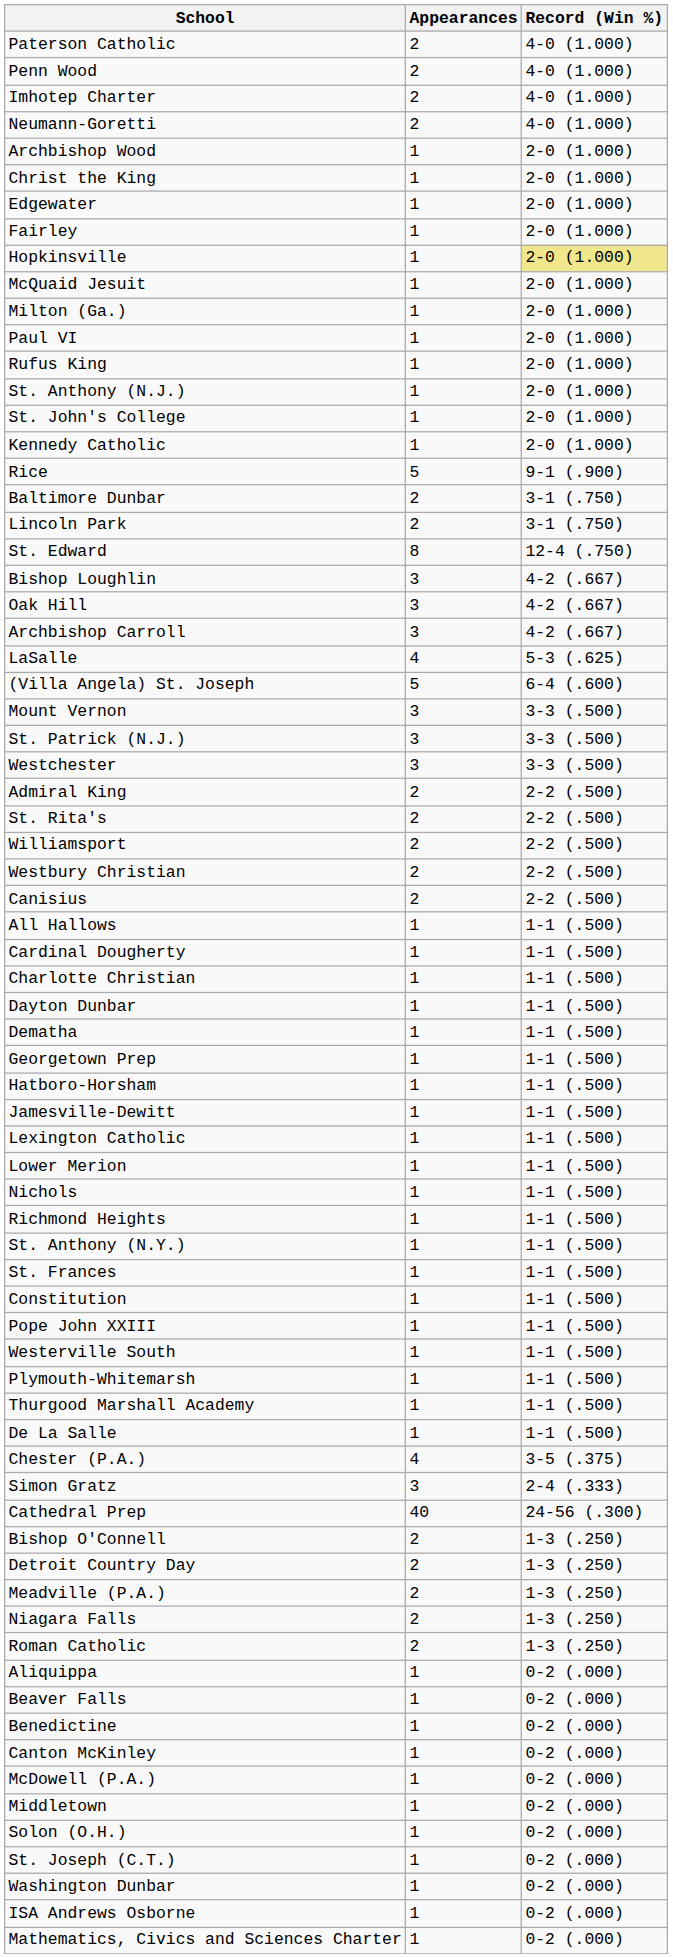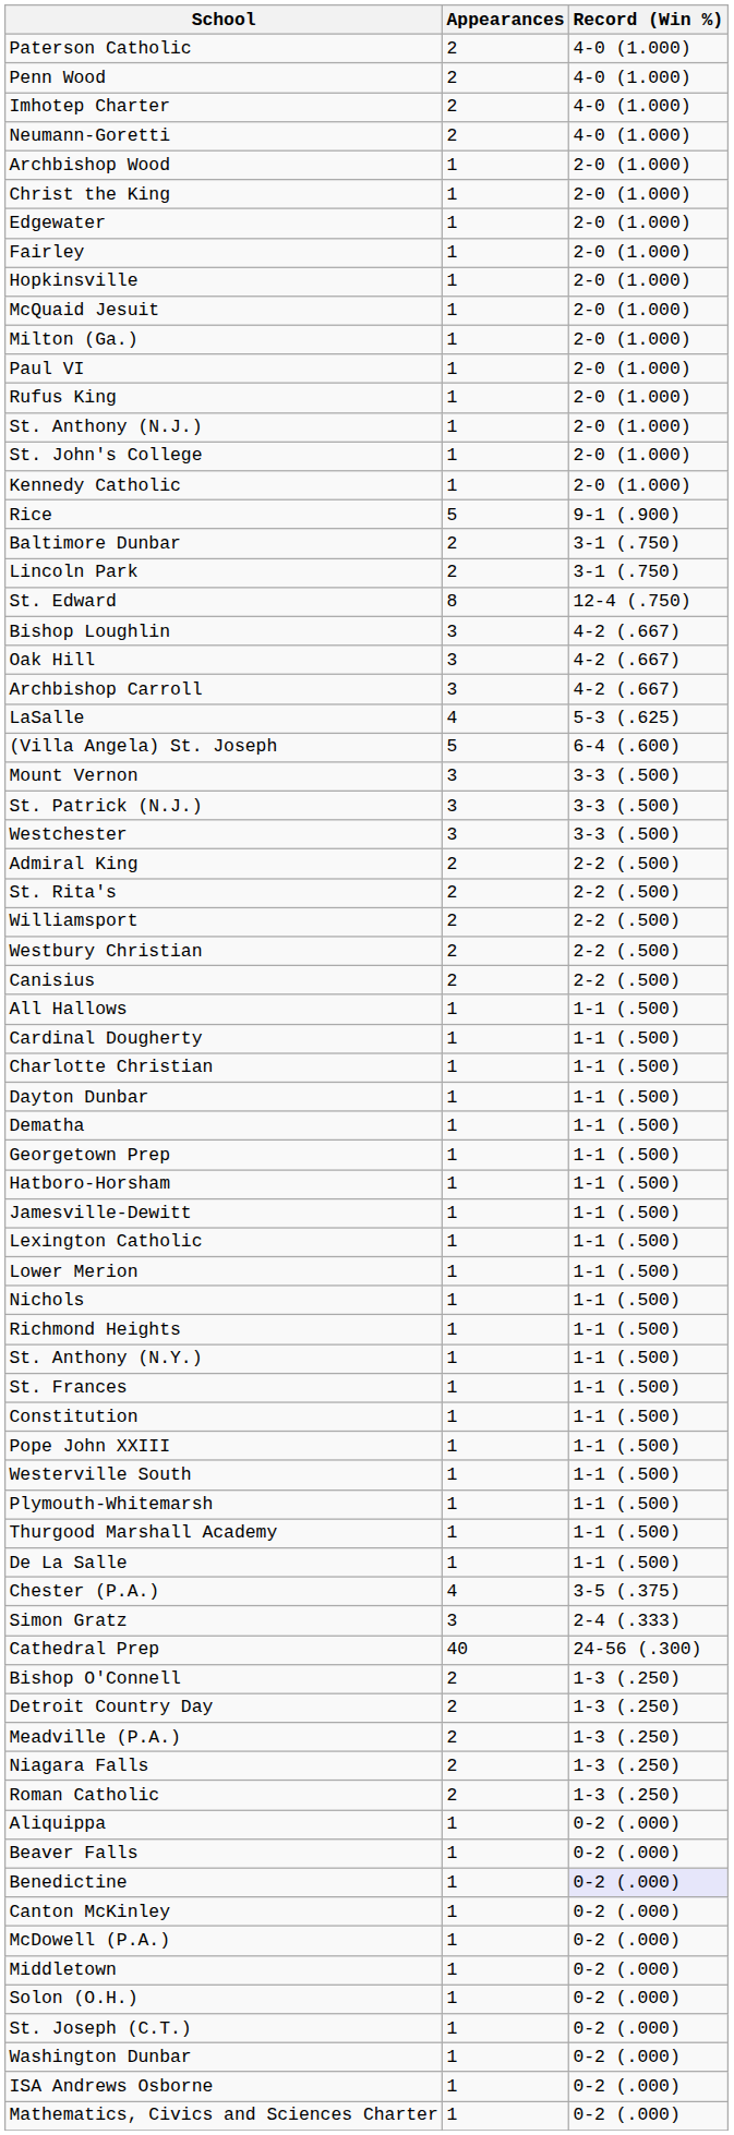 <table class="wikitable">
 <tr>
 <th>School</th>
 <th>Appearances</th>
 <th>Record (Win %)</th>
 </tr>
 <tr>
 <td>Paterson Catholic</td>
 <td>2</td>
 <td>4-0 (1.000)</td>
 </tr>
 <tr>
 <td>Penn Wood</td>
 <td>2</td>
 <td>4-0 (1.000)</td>
 </tr>
 <tr>
 <td>Imhotep Charter</td>
 <td>2</td>
 <td>4-0 (1.000)</td>
 </tr>
 <tr>
 <td>Neumann-Goretti</td>
 <td>2</td>
 <td>4-0 (1.000)</td>
 </tr>
 <tr>
 <td>Archbishop Wood</td>
 <td>1</td>
 <td>2-0 (1.000)</td>
 </tr>
 <tr>
 <td>Christ the King</td>
 <td>1</td>
 <td>2-0 (1.000)</td>
 </tr>
 <tr>
 <td>Edgewater</td>
 <td>1</td>
 <td>2-0 (1.000)</td>
 </tr>
 <tr>
 <td>Fairley</td>
 <td>1</td>
 <td>2-0 (1.000)</td>
 </tr>
 <tr>
 <td>Hopkinsville</td>
 <td>1</td>
-<td style="background: khaki;">2-0 (1.000)</td>
+<td>2-0 (1.000)</td>
 </tr>
 <tr>
 <td>McQuaid Jesuit</td>
 <td>1</td>
 <td>2-0 (1.000)</td>
 </tr>
 <tr>
 <td>Milton (Ga.)</td>
 <td>1</td>
 <td>2-0 (1.000)</td>
 </tr>
 <tr>
 <td>Paul VI</td>
 <td>1</td>
 <td>2-0 (1.000)</td>
 </tr>
 <tr>
 <td>Rufus King</td>
 <td>1</td>
 <td>2-0 (1.000)</td>
 </tr>
 <tr>
 <td>St. Anthony (N.J.)</td>
 <td>1</td>
 <td>2-0 (1.000)</td>
 </tr>
 <tr>
 <td>St. John's College</td>
 <td>1</td>
 <td>2-0 (1.000)</td>
 </tr>
 <tr>
 <td>Kennedy Catholic</td>
 <td>1</td>
 <td>2-0 (1.000)</td>
 </tr>
 <tr>
 <td>Rice</td>
 <td>5</td>
 <td>9-1 (.900)</td>
 </tr>
 <tr>
 <td>Baltimore Dunbar</td>
 <td>2</td>
 <td>3-1 (.750)</td>
 </tr>
 <tr>
 <td>Lincoln Park</td>
 <td>2</td>
 <td>3-1 (.750)</td>
 </tr>
 <tr>
 <td>St. Edward</td>
 <td>8</td>
 <td>12-4 (.750)</td>
 </tr>
 <tr>
 <td>Bishop Loughlin</td>
 <td>3</td>
 <td>4-2 (.667)</td>
 </tr>
 <tr>
 <td>Oak Hill</td>
 <td>3</td>
 <td>4-2 (.667)</td>
 </tr>
 <tr>
 <td>Archbishop Carroll</td>
 <td>3</td>
 <td>4-2 (.667)</td>
 </tr>
 <tr>
 <td>LaSalle</td>
 <td>4</td>
 <td>5-3 (.625)</td>
 </tr>
 <tr>
 <td>(Villa Angela) St. Joseph</td>
 <td>5</td>
 <td>6-4 (.600)</td>
 </tr>
 <tr>
 <td>Mount Vernon</td>
 <td>3</td>
 <td>3-3 (.500)</td>
 </tr>
 <tr>
 <td>St. Patrick (N.J.)</td>
 <td>3</td>
 <td>3-3 (.500)</td>
 </tr>
 <tr>
 <td>Westchester</td>
 <td>3</td>
 <td>3-3 (.500)</td>
 </tr>
 <tr>
 <td>Admiral King</td>
 <td>2</td>
 <td>2-2 (.500)</td>
 </tr>
 <tr>
 <td>St. Rita's</td>
 <td>2</td>
 <td>2-2 (.500)</td>
 </tr>
 <tr>
 <td>Williamsport</td>
 <td>2</td>
 <td>2-2 (.500)</td>
 </tr>
 <tr>
 <td>Westbury Christian</td>
 <td>2</td>
 <td>2-2 (.500)</td>
 </tr>
 <tr>
 <td>Canisius</td>
 <td>2</td>
 <td>2-2 (.500)</td>
 </tr>
 <tr>
 <td>All Hallows</td>
 <td>1</td>
 <td>1-1 (.500)</td>
 </tr>
 <tr>
 <td>Cardinal Dougherty</td>
 <td>1</td>
 <td>1-1 (.500)</td>
 </tr>
 <tr>
 <td>Charlotte Christian</td>
 <td>1</td>
 <td>1-1 (.500)</td>
 </tr>
 <tr>
 <td>Dayton Dunbar</td>
 <td>1</td>
 <td>1-1 (.500)</td>
 </tr>
 <tr>
 <td>Dematha</td>
 <td>1</td>
 <td>1-1 (.500)</td>
 </tr>
 <tr>
 <td>Georgetown Prep</td>
 <td>1</td>
 <td>1-1 (.500)</td>
 </tr>
 <tr>
 <td>Hatboro-Horsham</td>
 <td>1</td>
 <td>1-1 (.500)</td>
 </tr>
 <tr>
 <td>Jamesville-Dewitt</td>
 <td>1</td>
 <td>1-1 (.500)</td>
 </tr>
 <tr>
 <td>Lexington Catholic</td>
 <td>1</td>
 <td>1-1 (.500)</td>
 </tr>
 <tr>
 <td>Lower Merion</td>
 <td>1</td>
 <td>1-1 (.500)</td>
 </tr>
 <tr>
 <td>Nichols</td>
 <td>1</td>
 <td>1-1 (.500)</td>
 </tr>
 <tr>
 <td>Richmond Heights</td>
 <td>1</td>
 <td>1-1 (.500)</td>
 </tr>
 <tr>
 <td>St. Anthony (N.Y.)</td>
 <td>1</td>
 <td>1-1 (.500)</td>
 </tr>
 <tr>
 <td>St. Frances</td>
 <td>1</td>
 <td>1-1 (.500)</td>
 </tr>
 <tr>
 <td>Constitution</td>
 <td>1</td>
 <td>1-1 (.500)</td>
 </tr>
 <tr>
 <td>Pope John XXIII</td>
 <td>1</td>
 <td>1-1 (.500)</td>
 </tr>
 <tr>
 <td>Westerville South</td>
 <td>1</td>
 <td>1-1 (.500)</td>
 </tr>
 <tr>
 <td>Plymouth-Whitemarsh</td>
 <td>1</td>
 <td>1-1 (.500)</td>
 </tr>
 <tr>
 <td>Thurgood Marshall Academy</td>
 <td>1</td>
 <td>1-1 (.500)</td>
 </tr>
 <tr>
 <td>De La Salle</td>
 <td>1</td>
 <td>1-1 (.500)</td>
 </tr>
 <tr>
 <td>Chester (P.A.)</td>
 <td>4</td>
 <td>3-5 (.375)</td>
 </tr>
 <tr>
 <td>Simon Gratz</td>
 <td>3</td>
 <td>2-4 (.333)</td>
 </tr>
 <tr>
 <td>Cathedral Prep</td>
 <td>40</td>
 <td>24-56 (.300)</td>
 </tr>
 <tr>
 <td>Bishop O'Connell</td>
 <td>2</td>
 <td>1-3 (.250)</td>
 </tr>
 <tr>
 <td>Detroit Country Day</td>
 <td>2</td>
 <td>1-3 (.250)</td>
 </tr>
 <tr>
 <td>Meadville (P.A.)</td>
 <td>2</td>
 <td>1-3 (.250)</td>
 </tr>
 <tr>
 <td>Niagara Falls</td>
 <td>2</td>
 <td>1-3 (.250)</td>
 </tr>
 <tr>
 <td>Roman Catholic</td>
 <td>2</td>
 <td>1-3 (.250)</td>
 </tr>
 <tr>
 <td>Aliquippa</td>
 <td>1</td>
 <td>0-2 (.000)</td>
 </tr>
 <tr>
 <td>Beaver Falls</td>
 <td>1</td>
 <td>0-2 (.000)</td>
 </tr>
 <tr>
 <td>Benedictine</td>
 <td>1</td>
-<td>0-2 (.000)</td>
+<td style="background: lavender;">0-2 (.000)</td>
 </tr>
 <tr>
 <td>Canton McKinley</td>
 <td>1</td>
 <td>0-2 (.000)</td>
 </tr>
 <tr>
 <td>McDowell (P.A.)</td>
 <td>1</td>
 <td>0-2 (.000)</td>
 </tr>
 <tr>
 <td>Middletown</td>
 <td>1</td>
 <td>0-2 (.000)</td>
 </tr>
 <tr>
 <td>Solon (O.H.)</td>
 <td>1</td>
 <td>0-2 (.000)</td>
 </tr>
 <tr>
 <td>St. Joseph (C.T.)</td>
 <td>1</td>
 <td>0-2 (.000)</td>
 </tr>
 <tr>
 <td>Washington Dunbar</td>
 <td>1</td>
 <td>0-2 (.000)</td>
 </tr>
 <tr>
 <td>ISA Andrews Osborne</td>
 <td>1</td>
 <td>0-2 (.000)</td>
 </tr>
 <tr>
 <td>Mathematics, Civics and Sciences Charter</td>
 <td>1</td>
 <td>0-2 (.000)</td>
 </tr>
 </table>
